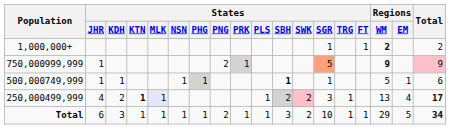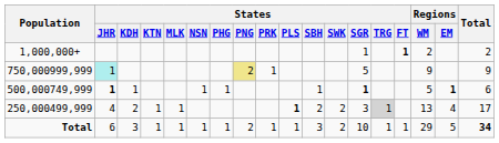 <table class="wikitable" style="line-height:1.4em; font-size:100%">
 <tr>
 <th rowspan="2">Population</th>
 <th colspan="14">States</th>
 <th colspan="2">Regions</th>
 <th rowspan="2">Total</th>
 </tr>
 <tr>
 <th><a href='#'>JHR</a></th>
 <th><a href='#'>KDH</a></th>
 <th><a href='#'>KTN</a></th>
 <th><a href='#'>MLK</a></th>
 <th><a href='#'>NSN</a></th>
 <th><a href='#'>PHG</a></th>
 <th><a href='#'>PNG</a></th>
 <th><a href='#'>PRK</a></th>
 <th><a href='#'>PLS</a></th>
 <th><a href='#'>SBH</a></th>
 <th><a href='#'>SWK</a></th>
 <th><a href='#'>SGR</a></th>
 <th><a href='#'>TRG</a></th>
 <th><a href='#'>FT</a></th>
 <th><a href='#'>WM</a></th>
 <th><a href='#'>EM</a></th>
 </tr>
 <tr>
 <td align="center">1,000,000+</td>
 <td align="right"></td>
 <td align="right"></td>
 <td align="right"></td>
 <td align="right"></td>
 <td align="right"></td>
 <td align="right"></td>
 <td align="right"></td>
 <td align="right"></td>
 <td align="right"></td>
 <td align="right"></td>
 <td align="right"></td>
 <td align="right">1</td>
 <td align="right"></td>
-<td align="right">1</td>
-<td align="right"><strong>2</strong></td>
+<td align="right"><strong>1</strong></td>
+<td align="right">2</td>
 <td align="right"></td>
 <td align="right">2</td>
 </tr>
 <tr>
 <td align="right">750,000999,999</td>
-<td align="right">1</td>
+<td align="right" style="background: paleturquoise;">1</td>
 <td align="right"></td>
 <td align="right"></td>
 <td align="right"></td>
 <td align="right"></td>
 <td align="right"></td>
-<td align="right">2</td>
-<td align="right" style="background: lightgrey;">1</td>
+<td align="right" style="background: khaki;">2</td>
+<td align="right">1</td>
 <td align="right"></td>
 <td align="right"></td>
 <td align="right"></td>
-<td align="right" style="background: lightsalmon;">5</td>
+<td align="right">5</td>
 <td align="right"></td>
 <td align="right"></td>
-<td align="right"><strong>9</strong></td>
+<td align="right">9</td>
 <td align="right"></td>
-<td align="right" style="background: pink;">9</td>
+<td align="right">9</td>
 </tr>
 <tr>
 <td align="right">500,000749,999</td>
+<td align="right"><strong>1</strong></td>
+<td align="right">1</td>
+<td align="right"></td>
+<td align="right"></td>
 <td align="right">1</td>
 <td align="right">1</td>
 <td align="right"></td>
 <td align="right"></td>
+<td align="right"></td>
 <td align="right">1</td>
-<td align="right" style="background: lightgrey;">1</td>
-<td align="right"></td>
-<td align="right"></td>
 <td align="right"></td>
 <td align="right"><strong>1</strong></td>
 <td align="right"></td>
-<td align="right">1</td>
-<td align="right"></td>
 <td align="right"></td>
 <td align="right">5</td>
-<td align="right">1</td>
+<td align="right"><strong>1</strong></td>
 <td align="right">6</td>
 </tr>
 <tr>
 <td align="right">250,000499,999</td>
 <td align="right">4</td>
 <td align="right">2</td>
-<td align="right"><strong>1</strong></td>
-<td align="right" style="background: lavender;">1</td>
+<td align="right">1</td>
+<td align="right">1</td>
 <td align="right"></td>
 <td align="right"></td>
 <td align="right"></td>
 <td align="right"></td>
-<td align="right">1</td>
-<td align="right" style="background: lightgrey;">2</td>
-<td align="right" style="background: pink;">2</td>
+<td align="right"><strong>1</strong></td>
+<td align="right">2</td>
+<td align="right">2</td>
 <td align="right">3</td>
-<td align="right">1</td>
+<td align="right" style="background: lightgrey;">1</td>
 <td align="right"></td>
 <td align="right">13</td>
 <td align="right">4</td>
-<td align="right"><strong>17</strong></td>
+<td align="right">17</td>
 </tr>
 <tr>
 <td align="right"><strong>Total</strong></td>
 <td align="right">6</td>
 <td align="right">3</td>
 <td align="right">1</td>
 <td align="right">1</td>
 <td align="right">1</td>
 <td align="right">1</td>
 <td align="right">2</td>
 <td align="right">1</td>
 <td align="right">1</td>
 <td align="right">3</td>
 <td align="right">2</td>
 <td align="right">10</td>
 <td align="right">1</td>
 <td align="right">1</td>
 <td align="right">29</td>
 <td align="right">5</td>
 <td align="right"><strong>34</strong></td>
 </tr>
 </table>
